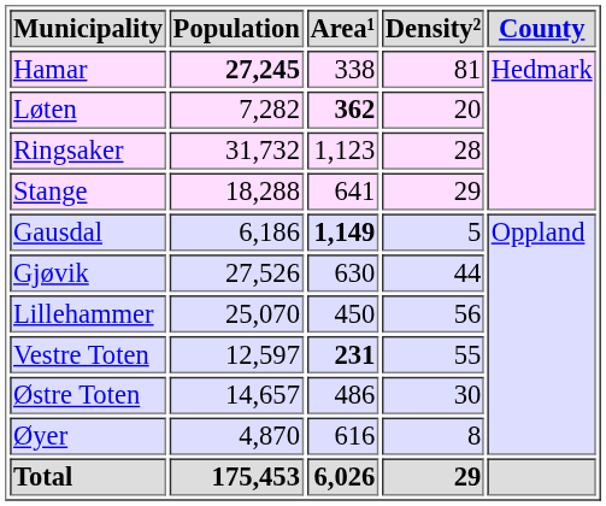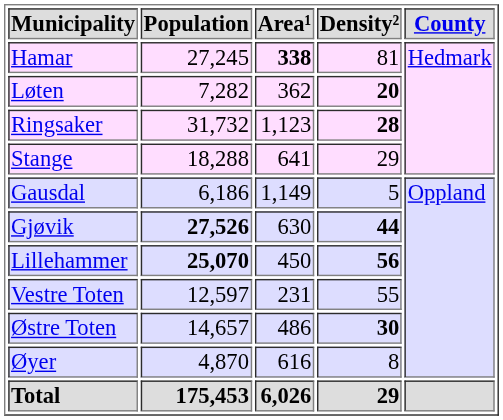 <table border>
 <tr bgcolor=#dddddd>
 <th>Municipality</th>
 <th>Population</th>
 <th>Area¹</th>
 <th>Density²</th>
 <th><a href='#'>County</a></th>
 </tr>
 <tr align=right bgcolor=#ffddff>
 <td align=left><a href='#'>Hamar</a></td>
-<td><strong>27,245</strong></td>
-<td>338</td>
+<td>27,245</td>
+<td><strong>338</strong></td>
 <td>81</td>
 <td align=left valign=top rowspan=4><a href='#'>Hedmark</a><br></td>
 </tr>
 <tr align=right bgcolor=#ffddff>
 <td align=left><a href='#'>Løten</a></td>
 <td>7,282</td>
-<td><strong>362</strong></td>
-<td>20</td>
+<td>362</td>
+<td><strong>20</strong></td>
 </tr>
 <tr align=right bgcolor=#ffddff>
 <td align=left><a href='#'>Ringsaker</a></td>
 <td>31,732</td>
 <td>1,123</td>
-<td>28</td>
+<td><strong>28</strong></td>
 </tr>
 <tr align=right bgcolor=#ffddff>
 <td align=left><a href='#'>Stange</a></td>
 <td>18,288</td>
 <td>641</td>
 <td>29</td>
 </tr>
 <tr align=right bgcolor=#ddddff>
 <td align=left><a href='#'>Gausdal</a></td>
 <td>6,186</td>
-<td><strong>1,149</strong></td>
+<td>1,149</td>
 <td>5</td>
 <td align=left valign=top rowspan=6><a href='#'>Oppland</a><br></td>
 </tr>
 <tr align=right bgcolor=#ddddff>
 <td align=left><a href='#'>Gjøvik</a></td>
-<td>27,526</td>
+<td><strong>27,526</strong></td>
 <td>630</td>
-<td>44</td>
+<td><strong>44</strong></td>
 </tr>
 <tr align=right bgcolor=#ddddff>
 <td align=left><a href='#'>Lillehammer</a></td>
-<td>25,070</td>
+<td><strong>25,070</strong></td>
 <td>450</td>
-<td>56</td>
+<td><strong>56</strong></td>
 </tr>
 <tr align=right bgcolor=#ddddff>
 <td align=left><a href='#'>Vestre Toten</a></td>
 <td>12,597</td>
-<td><strong>231</strong></td>
+<td>231</td>
 <td>55</td>
 </tr>
 <tr align=right bgcolor=#ddddff>
 <td align=left><a href='#'>Østre Toten</a></td>
 <td>14,657</td>
 <td>486</td>
-<td>30</td>
+<td><strong>30</strong></td>
 </tr>
 <tr align=right bgcolor=#ddddff>
 <td align=left><a href='#'>Øyer</a></td>
 <td>4,870</td>
 <td>616</td>
 <td>8</td>
 </tr>
 <tr align=right bgcolor=#dddddd>
 <th align=left>Total</th>
 <th>175,453</th>
 <th>6,026</th>
 <th>29</th>
 <th></th>
 </tr>
 </table>
